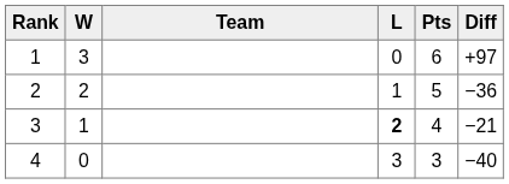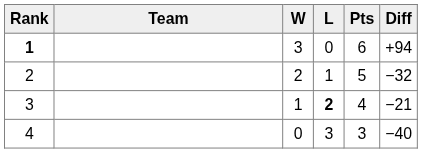 <table style=border-collapse:collapse border=1 cellspacing=0 cellpadding=5>
 <tr align=center bgcolor=#efefef>
 <th width=20>Rank</th>
+<th width=220>Team</th>
 <th width=20>W</th>
-<th width=220>Team</th>
 <th width=20>L</th>
 <th width=20>Pts</th>
 <th width=20>Diff</th>
 </tr>
 <tr align=center>
-<td>1</td>
+<td><strong>1</strong></td>
+<td align=left></td>
 <td>3</td>
-<td align=left></td>
 <td>0</td>
 <td>6</td>
-<td>+97</td>
+<td>+94</td>
 </tr>
 <tr align=center>
 <td>2</td>
+<td align=left></td>
 <td>2</td>
-<td align=left></td>
 <td>1</td>
 <td>5</td>
-<td>−36</td>
+<td>−32</td>
 </tr>
 <tr align=center>
 <td>3</td>
+<td align=left></td>
 <td>1</td>
-<td align=left></td>
 <td><strong>2</strong></td>
 <td>4</td>
 <td>−21</td>
 </tr>
 <tr align=center>
 <td>4</td>
+<td align=left></td>
 <td>0</td>
-<td align=left></td>
 <td>3</td>
 <td>3</td>
 <td>−40</td>
 </tr>
 </table>
